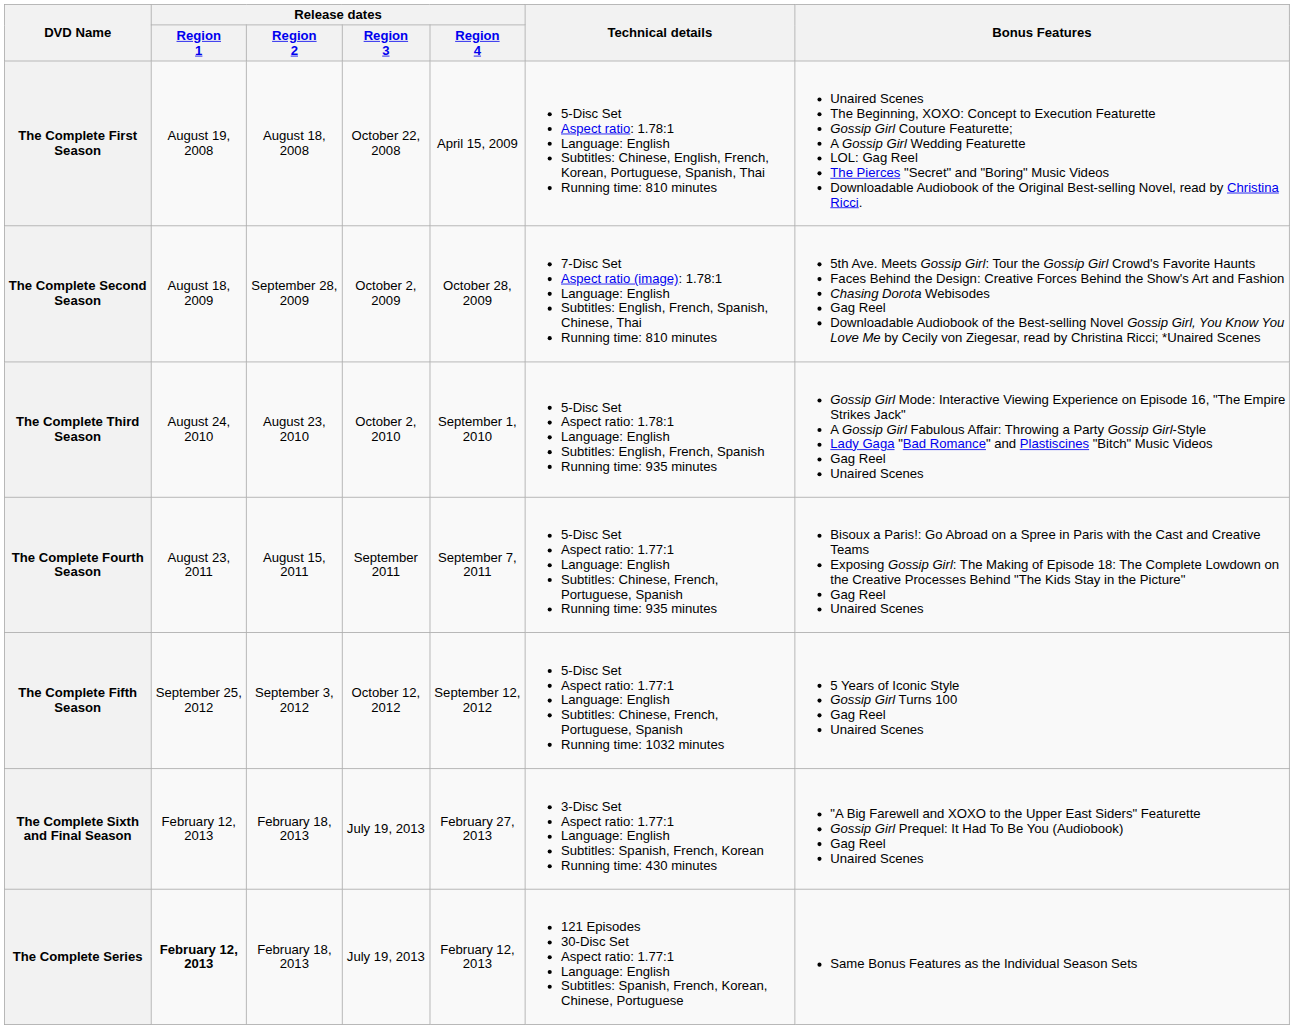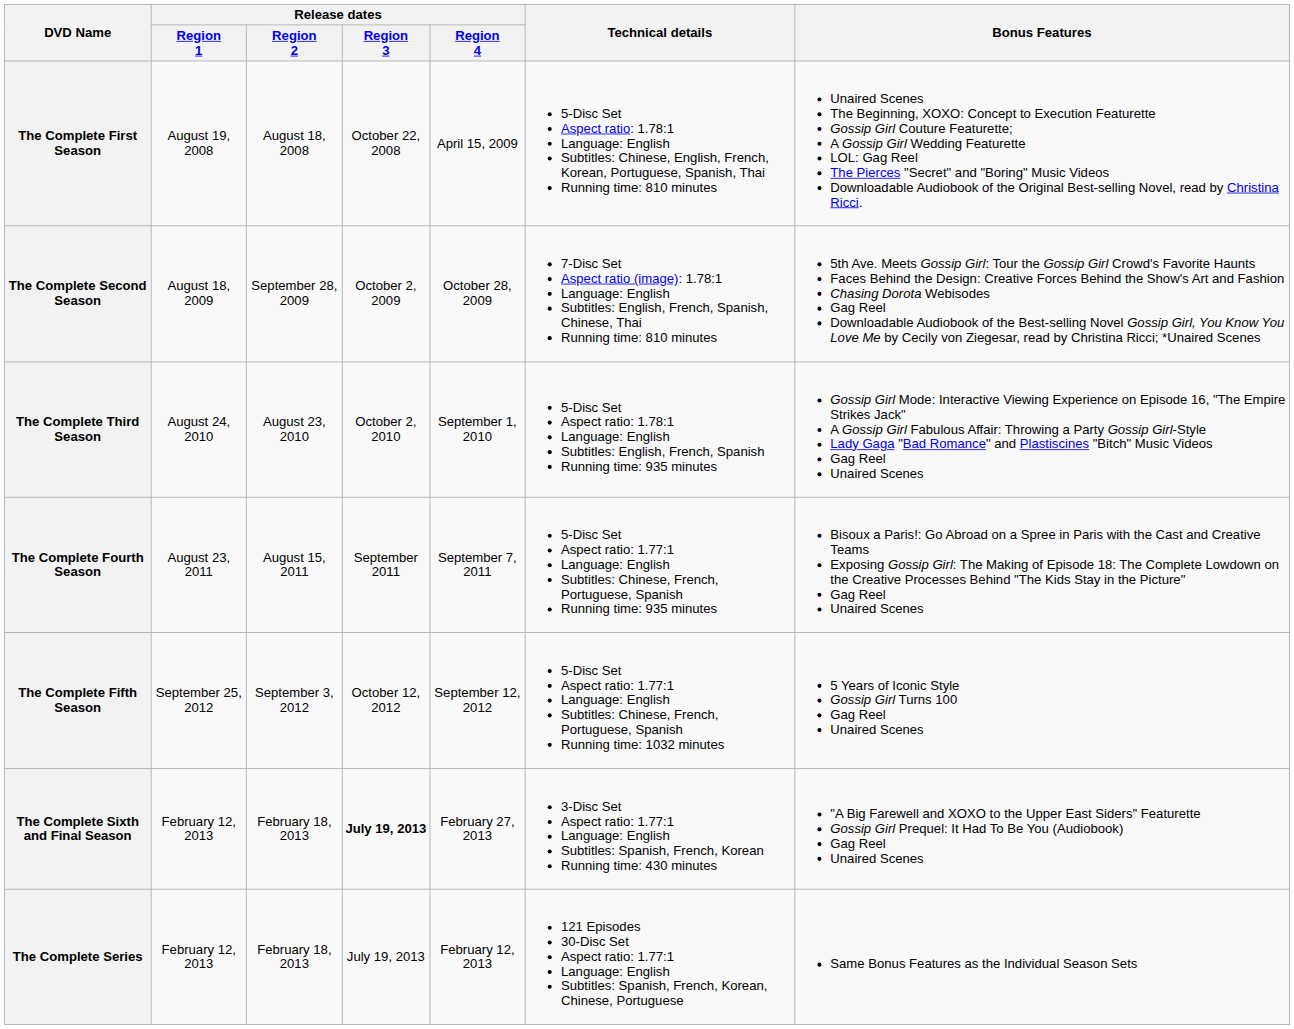 <table class="wikitable">
 <tr>
 <th rowspan="2">DVD Name</th>
 <th colspan="4">Release dates </th>
 <th rowspan="2">Technical details</th>
 <th rowspan="2">Bonus Features</th>
 </tr>
 <tr>
 <th><a href='#'>Region<br>1</a></th>
 <th><a href='#'>Region<br>2</a></th>
 <th><a href='#'>Region<br>3</a></th>
 <th><a href='#'>Region<br>4</a></th>
 </tr>
 <tr>
 <th>The Complete First Season</th>
 <td style="text-align: center;">August 19, 2008</td>
 <td style="text-align: center;">August 18, 2008</td>
 <td style="text-align: center;">October 22, 2008</td>
 <td style="text-align: center;">April 15, 2009</td>
 <td><br><ul><li>5-Disc Set</li><li><a href='#'>Aspect ratio</a>: 1.78:1</li><li>Language: English</li><li>Subtitles: Chinese, English, French, Korean, Portuguese, Spanish, Thai</li><li>Running time: 810 minutes</li></ul></td>
 <td><br><ul><li>Unaired Scenes</li><li>The Beginning, XOXO: Concept to Execution Featurette</li><li><em>Gossip Girl</em> Couture Featurette;</li><li>A <em>Gossip Girl</em> Wedding Featurette</li><li>LOL: Gag Reel</li><li><a href='#'>The Pierces</a> "Secret" and "Boring" Music Videos</li><li>Downloadable Audiobook of the Original Best-selling Novel, read by <a href='#'>Christina Ricci</a>.</li></ul></td>
 </tr>
 <tr>
 <th>The Complete Second Season</th>
 <td style="text-align: center;">August 18, 2009</td>
 <td style="text-align: center;">September 28, 2009</td>
 <td style="text-align: center;">October 2, 2009</td>
 <td style="text-align: center;">October 28, 2009</td>
 <td><br><ul><li>7-Disc Set</li><li><a href='#'>Aspect ratio (image)</a>: 1.78:1</li><li>Language: English</li><li>Subtitles: English, French, Spanish, Chinese, Thai</li><li>Running time: 810 minutes</li></ul></td>
 <td><br><ul><li>5th Ave. Meets <em>Gossip Girl</em>: Tour the <em>Gossip Girl</em> Crowd's Favorite Haunts</li><li>Faces Behind the Design: Creative Forces Behind the Show's Art and Fashion</li><li><em>Chasing Dorota</em> Webisodes</li><li>Gag Reel</li><li>Downloadable Audiobook of the Best-selling Novel <em>Gossip Girl, You Know You Love Me</em> by Cecily von Ziegesar, read by Christina Ricci; *Unaired Scenes</li></ul></td>
 </tr>
 <tr>
 <th>The Complete Third Season</th>
 <td style="text-align: center;">August 24, 2010</td>
 <td style="text-align: center;">August 23, 2010</td>
 <td style="text-align: center;">October 2, 2010</td>
 <td style="text-align: center;">September 1, 2010</td>
 <td><br><ul><li>5-Disc Set</li><li>Aspect ratio: 1.78:1</li><li>Language: English</li><li>Subtitles: English, French, Spanish</li><li>Running time: 935 minutes</li></ul></td>
 <td><br><ul><li><em>Gossip Girl</em> Mode: Interactive Viewing Experience on Episode 16, "The Empire Strikes Jack"</li><li>A <em>Gossip Girl</em> Fabulous Affair: Throwing a Party <em>Gossip Girl</em>-Style</li><li><a href='#'>Lady Gaga</a> "<a href='#'>Bad Romance</a>" and <a href='#'>Plastiscines</a> "Bitch" Music Videos</li><li>Gag Reel</li><li>Unaired Scenes</li></ul></td>
 </tr>
 <tr>
 <th>The Complete Fourth Season</th>
 <td style="text-align: center;">August 23, 2011</td>
 <td style="text-align: center;">August 15, 2011</td>
 <td style="text-align: center;">September 2011</td>
 <td style="text-align: center;">September 7, 2011</td>
 <td><br><ul><li>5-Disc Set</li><li>Aspect ratio: 1.77:1</li><li>Language: English</li><li>Subtitles: Chinese, French, Portuguese, Spanish</li><li>Running time: 935 minutes</li></ul></td>
 <td><br><ul><li>Bisoux a Paris!: Go Abroad on a Spree in Paris with the Cast and Creative Teams</li><li>Exposing <em>Gossip Girl</em>: The Making of Episode 18: The Complete Lowdown on the Creative Processes Behind "The Kids Stay in the Picture"</li><li>Gag Reel</li><li>Unaired Scenes</li></ul></td>
 </tr>
 <tr>
 <th>The Complete Fifth Season</th>
 <td style="text-align: center;">September 25, 2012</td>
 <td style="text-align: center;">September 3, 2012</td>
 <td style="text-align: center;">October 12, 2012</td>
 <td style="text-align: center;">September 12, 2012</td>
 <td><br><ul><li>5-Disc Set</li><li>Aspect ratio: 1.77:1</li><li>Language: English</li><li>Subtitles: Chinese, French, Portuguese, Spanish</li><li>Running time: 1032 minutes</li></ul></td>
 <td><br><ul><li>5 Years of Iconic Style</li><li><em>Gossip Girl</em> Turns 100</li><li>Gag Reel</li><li>Unaired Scenes</li></ul></td>
 </tr>
 <tr>
 <th>The Complete Sixth and Final Season</th>
 <td style="text-align: center;">February 12, 2013</td>
 <td style="text-align: center;">February 18, 2013</td>
-<td style="text-align: center;">July 19, 2013</td>
+<td style="text-align: center;"><strong>July 19, 2013</strong></td>
 <td style="text-align: center;">February 27, 2013</td>
 <td><br><ul><li>3-Disc Set</li><li>Aspect ratio: 1.77:1</li><li>Language: English</li><li>Subtitles: Spanish, French, Korean</li><li>Running time: 430 minutes</li></ul></td>
 <td><br><ul><li>"A Big Farewell and XOXO to the Upper East Siders" Featurette</li><li><em>Gossip Girl</em> Prequel: It Had To Be You (Audiobook)</li><li>Gag Reel</li><li>Unaired Scenes</li></ul></td>
 </tr>
 <tr>
 <th>The Complete Series</th>
-<td style="text-align: center;"><strong>February 12, 2013</strong></td>
+<td style="text-align: center;">February 12, 2013</td>
 <td style="text-align: center;">February 18, 2013</td>
 <td style="text-align: center;">July 19, 2013</td>
 <td style="text-align: center;">February 12, 2013</td>
 <td><br><ul><li>121 Episodes</li><li>30-Disc Set</li><li>Aspect ratio: 1.77:1</li><li>Language: English</li><li>Subtitles: Spanish, French, Korean, Chinese, Portuguese</li></ul></td>
 <td><br><ul><li>Same Bonus Features as the Individual Season Sets</li></ul></td>
 </tr>
 </table>
